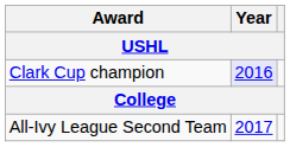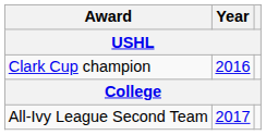 <table class="wikitable">
 <tr>
 <th>Award</th>
 <th>Year</th>
 <th></th>
 </tr>
 <tr>
 <th colspan="3"><a href='#'>USHL</a></th>
 </tr>
 <tr>
 <td><a href='#'>Clark Cup</a> champion</td>
-<td style="background: lavender;"><a href='#'>2016</a></td>
+<td><a href='#'>2016</a></td>
 <td></td>
 </tr>
 <tr>
 <th colspan="3"><a href='#'>College</a></th>
 </tr>
 <tr>
 <td>All-Ivy League Second Team</td>
 <td><a href='#'>2017</a></td>
 <td></td>
 </tr>
 </table>
